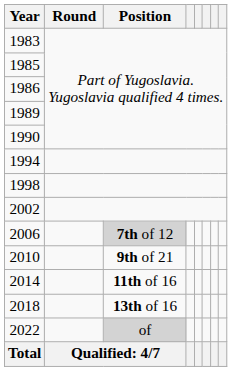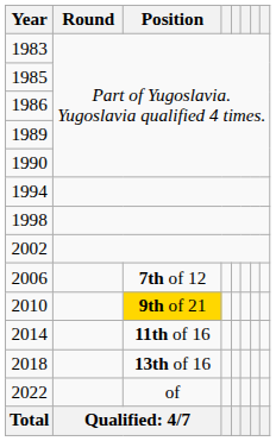 <table class="wikitable" style="text-align: center;">
 <tr>
 <th>Year</th>
 <th>Round</th>
 <th>Position</th>
 <th></th>
 <th></th>
 <th></th>
 <th></th>
 <th></th>
 </tr>
 <tr>
 <td> 1983</td>
 <td colspan=7 rowspan=5><em>Part of Yugoslavia.</em><br><em>Yugoslavia qualified 4 times.</em></td>
 </tr>
 <tr>
 <td> 1985</td>
 </tr>
 <tr>
 <td> 1986</td>
 </tr>
 <tr>
 <td> 1989</td>
 </tr>
 <tr>
 <td> 1990</td>
 </tr>
 <tr>
 <td> 1994</td>
 <td colspan=7></td>
 </tr>
 <tr>
 <td> 1998</td>
 <td colspan=7></td>
 </tr>
 <tr>
 <td> 2002</td>
 <td colspan=7></td>
 </tr>
 <tr>
 <td> 2006</td>
 <td></td>
-<td style="background: lightgrey;"><strong>7th</strong> of 12</td>
+<td><strong>7th</strong> of 12</td>
 <td></td>
 <td></td>
 <td></td>
 <td></td>
 <td></td>
 </tr>
 <tr>
 <td> 2010</td>
 <td></td>
-<td><strong>9th</strong> of 21</td>
+<td style="background: gold;"><strong>9th</strong> of 21</td>
 <td></td>
 <td></td>
 <td></td>
 <td></td>
 <td></td>
 </tr>
 <tr>
 <td> 2014</td>
 <td></td>
 <td><strong>11th</strong> of 16</td>
 <td></td>
 <td></td>
 <td></td>
 <td></td>
 <td></td>
 </tr>
 <tr>
 <td> 2018</td>
 <td></td>
 <td><strong>13th</strong> of 16</td>
 <td></td>
 <td></td>
 <td></td>
 <td></td>
 <td></td>
 </tr>
 <tr>
 <td> 2022</td>
 <td></td>
-<td style="background: lightgrey;"><strong> </strong> of</td>
+<td><strong> </strong> of</td>
 <td></td>
 <td></td>
 <td></td>
 <td></td>
 <td></td>
 </tr>
 <tr>
 <th>Total</th>
 <th colspan="2">Qualified: 4/7</th>
 <th></th>
 <th></th>
 <th></th>
 <th></th>
 <th></th>
 </tr>
 </table>
